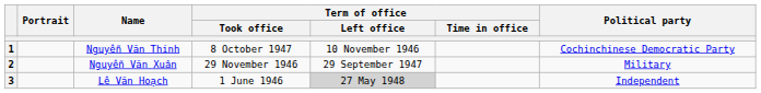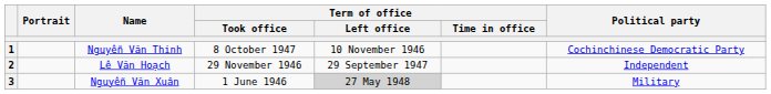 <table class="wikitable" style="text-align:center; border:1px #aaf solid; width:80%;">
 <tr>
 <th rowspan="2"></th>
 <th rowspan="2" style="width:70px;">Portrait</th>
 <th rowspan="2">Name<br></th>
 <th colspan="3">Term of office</th>
 <th rowspan="2">Political party</th>
 </tr>
 <tr>
 <th>Took office</th>
 <th>Left office</th>
 <th>Time in office</th>
 </tr>
 <tr>
 <th colspan=7></th>
 </tr>
 <tr>
 <th style="background:">1</th>
 <td></td>
 <td><a href='#'>Nguyễn Văn Thinh</a><br></td>
 <td>8 October 1947</td>
 <td>10 November 1946</td>
 <td></td>
 <td><a href='#'>Cochinchinese Democratic Party</a></td>
 </tr>
 <tr>
 <th style="background:">2</th>
 <td></td>
-<td><a href='#'>Nguyễn Văn Xuân</a><br></td>
+<td><a href='#'>Lê Văn Hoạch</a><br></td>
 <td>29 November 1946</td>
 <td>29 September 1947</td>
 <td></td>
-<td><a href='#'>Military</a></td>
+<td><a href='#'>Independent</a></td>
 </tr>
 <tr>
 <th style="background:">3</th>
 <td></td>
-<td><a href='#'>Lê Văn Hoạch</a><br></td>
+<td><a href='#'>Nguyễn Văn Xuân</a><br></td>
 <td>1 June 1946</td>
 <td style="background: lightgrey;">27 May 1948</td>
 <td></td>
-<td><a href='#'>Independent</a></td>
+<td><a href='#'>Military</a></td>
 </tr>
 </table>
